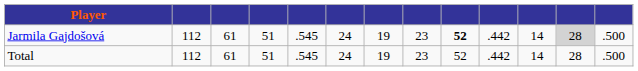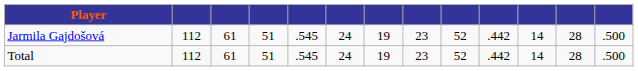 <table class="wikitable" style="text-align:center">
 <tr>
 <th style="background:#333399; color:#FF5800" width="200px">Player</th>
 <th style="background:#333399; color:#FF5800" width="40px"></th>
 <th style="background:#333399; color:#FF5800" width="40px"></th>
 <th style="background:#333399; color:#FF5800" width="40px"></th>
 <th style="background:#333399; color:#FF5800" width="40px"></th>
 <th style="background:#333399; color:#FF5800" width="40px"></th>
 <th style="background:#333399; color:#FF5800" width="40px"></th>
 <th style="background:#333399; color:#FF5800" width="40px"></th>
 <th style="background:#333399; color:#FF5800" width="40px"></th>
 <th style="background:#333399; color:#FF5800" width="40px"></th>
 <th style="background:#333399; color:#FF5800" width="40px"></th>
 <th style="background:#333399; color:#FF5800" width="40px"></th>
 <th style="background:#333399; color:#FF5800" width="40px"></th>
 </tr>
 <tr>
 <td style="text-align:left"><a href='#'>Jarmila Gajdošová</a></td>
 <td>112</td>
 <td>61</td>
 <td>51</td>
 <td>.545</td>
 <td>24</td>
 <td>19</td>
 <td>23</td>
-<td><strong>52</strong></td>
+<td>52</td>
 <td>.442</td>
 <td>14</td>
-<td style="background: lightgrey;">28</td>
+<td>28</td>
 <td>.500</td>
 </tr>
 <tr>
 <td style="text-align:left">Total</td>
 <td>112</td>
 <td>61</td>
 <td>51</td>
 <td>.545</td>
 <td>24</td>
 <td>19</td>
 <td>23</td>
 <td>52</td>
 <td>.442</td>
 <td>14</td>
 <td>28</td>
 <td>.500</td>
 </tr>
 </table>
